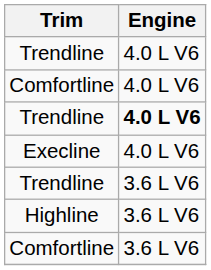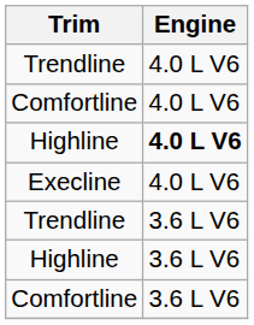 <table class="wikitable">
 <tr>
 <th align="center" valign="center">Trim</th>
 <th align="left" valign="center">Engine</th>
 </tr>
 <tr>
 <td align="center" valign="center">Trendline</td>
 <td align="left" valign="center">4.0 L V6</td>
 </tr>
 <tr>
 <td align="center" valign="center">Comfortline</td>
 <td align="left" valign="center">4.0 L V6</td>
 </tr>
 <tr>
-<td align="center" valign="center">Trendline</td>
+<td align="center" valign="center">Highline</td>
 <td align="left" valign="center"><strong>4.0 L V6</strong></td>
 </tr>
 <tr>
 <td align="center" valign="center">Execline</td>
 <td align="left" valign="center">4.0 L V6</td>
 </tr>
 <tr>
 <td align="center" valign="center">Trendline</td>
 <td align="left" valign="center">3.6 L V6</td>
 </tr>
 <tr>
 <td align="center" valign="center">Highline</td>
 <td align="left" valign="center">3.6 L V6</td>
 </tr>
 <tr>
 <td align="center" valign="center">Comfortline</td>
 <td align="left" valign="center">3.6 L V6</td>
 </tr>
 <tr>
 </tr>
 </table>
